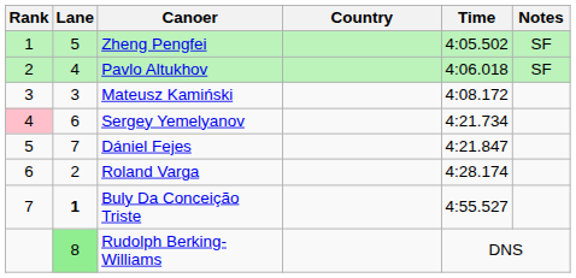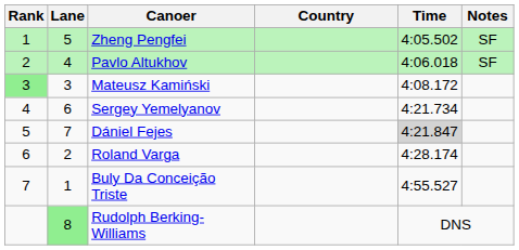 <table class="wikitable sortable" style="text-align:center;">
 <tr>
 <th width=30>Rank</th>
 <th width=30>Lane</th>
 <th width=175>Canoer</th>
 <th width=150>Country</th>
 <th width=30>Time</th>
 <th width=50>Notes</th>
 </tr>
 <tr bgcolor=bbf3bb>
 <td>1</td>
 <td>5</td>
 <td align=left><a href='#'>Zheng Pengfei</a></td>
 <td align=left></td>
 <td>4:05.502</td>
 <td>SF</td>
 </tr>
 <tr bgcolor=bbf3bb>
 <td>2</td>
 <td>4</td>
 <td align=left><a href='#'>Pavlo Altukhov</a></td>
 <td align=left></td>
 <td>4:06.018</td>
 <td>SF</td>
 </tr>
 <tr>
-<td>3</td>
+<td style="background: lightgreen;">3</td>
 <td>3</td>
 <td align=left><a href='#'>Mateusz Kamiński</a></td>
 <td align=left></td>
 <td>4:08.172</td>
 <td></td>
 </tr>
 <tr>
-<td style="background: pink;">4</td>
+<td>4</td>
 <td>6</td>
 <td align=left><a href='#'>Sergey Yemelyanov</a></td>
 <td align=left></td>
 <td>4:21.734</td>
 <td></td>
 </tr>
 <tr>
 <td>5</td>
 <td>7</td>
 <td align=left><a href='#'>Dániel Fejes</a></td>
 <td align=left></td>
-<td>4:21.847</td>
+<td style="background: lightgrey;">4:21.847</td>
 <td></td>
 </tr>
 <tr>
 <td>6</td>
 <td>2</td>
 <td align=left><a href='#'>Roland Varga</a></td>
 <td align=left></td>
 <td>4:28.174</td>
 <td></td>
 </tr>
 <tr>
 <td>7</td>
-<td><strong>1</strong></td>
+<td>1</td>
 <td align=left><a href='#'>Buly Da Conceição Triste</a></td>
 <td align=left></td>
 <td>4:55.527</td>
 <td></td>
 </tr>
 <tr>
 <td></td>
 <td style="background: lightgreen;">8</td>
 <td align=left><a href='#'>Rudolph Berking-Williams</a></td>
 <td align=left></td>
 <td colspan=2>DNS</td>
 </tr>
 </table>
